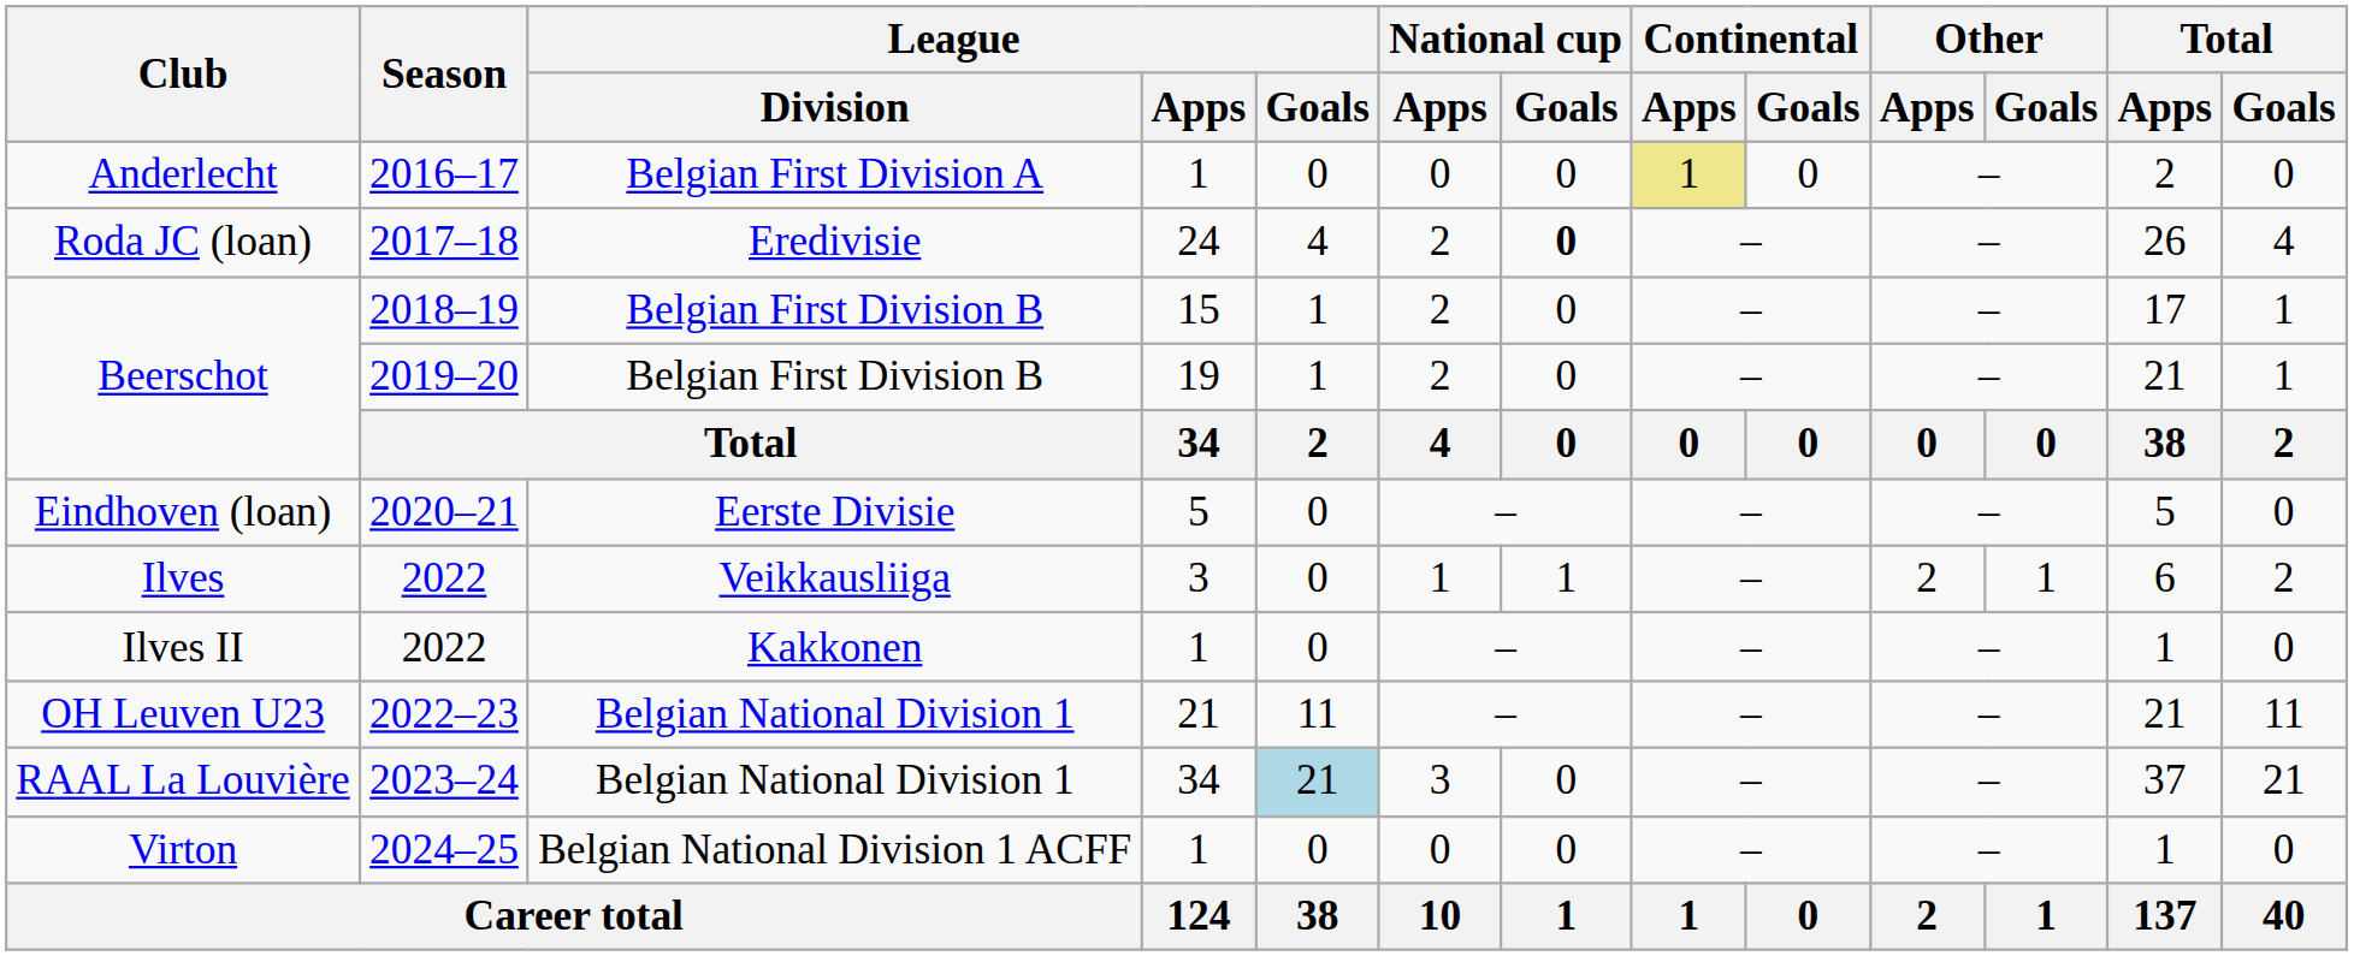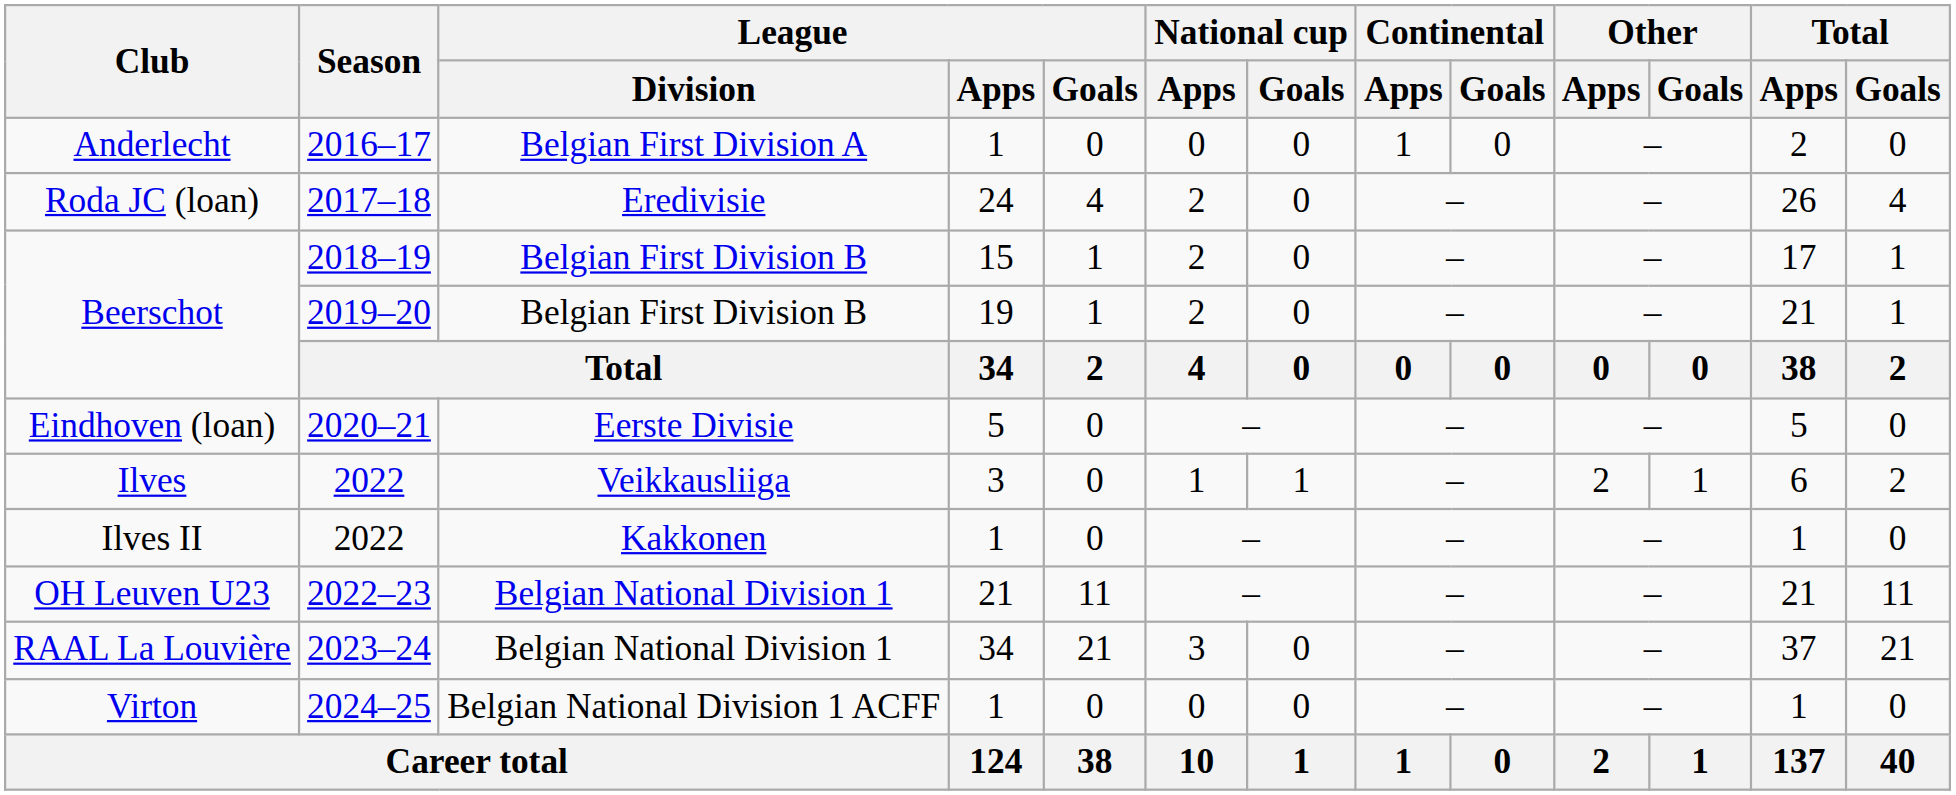 <table class="wikitable" style="text-align:center">
 <tr>
 <th rowspan="2">Club</th>
 <th rowspan="2">Season</th>
 <th colspan="3">League</th>
 <th colspan="2">National cup</th>
 <th colspan="2">Continental</th>
 <th colspan="2">Other</th>
 <th colspan="2">Total</th>
 </tr>
 <tr>
 <th>Division</th>
 <th>Apps</th>
 <th>Goals</th>
 <th>Apps</th>
 <th>Goals</th>
 <th>Apps</th>
 <th>Goals</th>
 <th>Apps</th>
 <th>Goals</th>
 <th>Apps</th>
 <th>Goals</th>
 </tr>
 <tr>
 <td><a href='#'>Anderlecht</a></td>
 <td><a href='#'>2016–17</a></td>
 <td><a href='#'>Belgian First Division A</a></td>
 <td>1</td>
 <td>0</td>
 <td>0</td>
 <td>0</td>
-<td style="background: khaki;">1</td>
+<td>1</td>
 <td>0</td>
 <td colspan=2>–</td>
 <td>2</td>
 <td>0</td>
 </tr>
 <tr>
 <td><a href='#'>Roda JC</a> (loan)</td>
 <td><a href='#'>2017–18</a></td>
 <td><a href='#'>Eredivisie</a></td>
 <td>24</td>
 <td>4</td>
 <td>2</td>
-<td><strong>0</strong></td>
+<td>0</td>
 <td colspan=2>–</td>
 <td colspan=2>–</td>
 <td>26</td>
 <td>4</td>
 </tr>
 <tr>
 <td rowspan=3><a href='#'>Beerschot</a></td>
 <td><a href='#'>2018–19</a></td>
 <td><a href='#'>Belgian First Division B</a></td>
 <td>15</td>
 <td>1</td>
 <td>2</td>
 <td>0</td>
 <td colspan=2>–</td>
 <td colspan=2>–</td>
 <td>17</td>
 <td>1</td>
 </tr>
 <tr>
 <td><a href='#'>2019–20</a></td>
 <td>Belgian First Division B</td>
 <td>19</td>
 <td>1</td>
 <td>2</td>
 <td>0</td>
 <td colspan=2>–</td>
 <td colspan=2>–</td>
 <td>21</td>
 <td>1</td>
 </tr>
 <tr>
 <th colspan="2">Total</th>
 <th>34</th>
 <th>2</th>
 <th>4</th>
 <th>0</th>
 <th>0</th>
 <th>0</th>
 <th>0</th>
 <th>0</th>
 <th>38</th>
 <th>2</th>
 </tr>
 <tr>
 <td><a href='#'>Eindhoven</a> (loan)</td>
 <td><a href='#'>2020–21</a></td>
 <td><a href='#'>Eerste Divisie</a></td>
 <td>5</td>
 <td>0</td>
 <td colspan=2>–</td>
 <td colspan=2>–</td>
 <td colspan=2>–</td>
 <td>5</td>
 <td>0</td>
 </tr>
 <tr>
 <td><a href='#'>Ilves</a></td>
 <td><a href='#'>2022</a></td>
 <td><a href='#'>Veikkausliiga</a></td>
 <td>3</td>
 <td>0</td>
 <td>1</td>
 <td>1</td>
 <td colspan=2>–</td>
 <td>2</td>
 <td>1</td>
 <td>6</td>
 <td>2</td>
 </tr>
 <tr>
 <td>Ilves II</td>
 <td>2022</td>
 <td><a href='#'>Kakkonen</a></td>
 <td>1</td>
 <td>0</td>
 <td colspan=2>–</td>
 <td colspan=2>–</td>
 <td colspan=2>–</td>
 <td>1</td>
 <td>0</td>
 </tr>
 <tr>
 <td><a href='#'>OH Leuven U23</a></td>
 <td><a href='#'>2022–23</a></td>
 <td><a href='#'>Belgian National Division 1</a></td>
 <td>21</td>
 <td>11</td>
 <td colspan=2>–</td>
 <td colspan=2>–</td>
 <td colspan=2>–</td>
 <td>21</td>
 <td>11</td>
 </tr>
 <tr>
 <td><a href='#'>RAAL La Louvière</a></td>
 <td><a href='#'>2023–24</a></td>
 <td>Belgian National Division 1</td>
 <td>34</td>
-<td style="background: lightblue;">21</td>
+<td>21</td>
 <td>3</td>
 <td>0</td>
 <td colspan=2>–</td>
 <td colspan=2>–</td>
 <td>37</td>
 <td>21</td>
 </tr>
 <tr>
 <td><a href='#'>Virton</a></td>
 <td><a href='#'>2024–25</a></td>
 <td>Belgian National Division 1 ACFF</td>
 <td>1</td>
 <td>0</td>
 <td>0</td>
 <td>0</td>
 <td colspan=2>–</td>
 <td colspan=2>–</td>
 <td>1</td>
 <td>0</td>
 </tr>
 <tr>
 <th colspan="3">Career total</th>
 <th>124</th>
 <th>38</th>
 <th>10</th>
 <th>1</th>
 <th>1</th>
 <th>0</th>
 <th>2</th>
 <th>1</th>
 <th>137</th>
 <th>40</th>
 </tr>
 </table>
